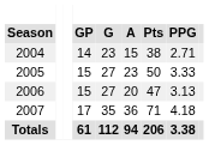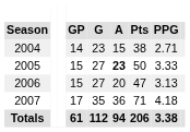 <table BORDER="0" CELLPADDING="3" CELLSPACING="0">
 <tr ALIGN="center" bgcolor="#e0e0e0">
 <th colspan="1" bgcolor="#ffffff"> </th>
 <th rowspan="99" bgcolor="#ffffff"> </th>
 <th rowspan="99" bgcolor="#ffffff"> </th>
 </tr>
 <tr ALIGN="center" bgcolor="#e0e0e0">
 <th>Season</th>
 <th>GP</th>
 <th>G</th>
 <th>A</th>
 <th>Pts</th>
 <th>PPG</th>
 <th></th>
 </tr>
 <tr ALIGN="center" bgcolor="#f0f0f0">
 <td>2004</td>
 <td>14</td>
 <td>23</td>
 <td>15</td>
 <td>38</td>
 <td>2.71</td>
 <td></td>
 </tr>
 <tr ALIGN="center">
 <td>2005</td>
 <td>15</td>
 <td>27</td>
-<td>23</td>
+<td><strong>23</strong></td>
 <td>50</td>
 <td>3.33</td>
 <td></td>
 </tr>
 <tr ALIGN="center" bgcolor="#f0f0f0">
 <td>2006</td>
 <td>15</td>
 <td>27</td>
 <td>20</td>
 <td>47</td>
 <td>3.13</td>
 <td></td>
 </tr>
 <tr ALIGN="center">
 <td>2007</td>
 <td>17</td>
 <td>35</td>
 <td>36</td>
 <td>71</td>
 <td>4.18</td>
 <td></td>
 </tr>
 <tr ALIGN="center" bgcolor="#e0e0e0">
 <th colspan="1.5">Totals</th>
 <th>61</th>
 <th>112</th>
 <th>94</th>
 <th>206</th>
 <th>3.38</th>
 <th></th>
 </tr>
 </table>
